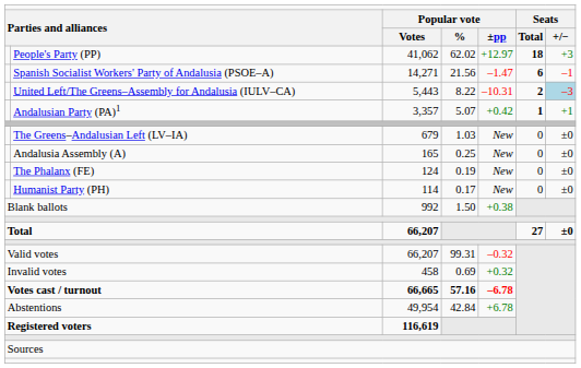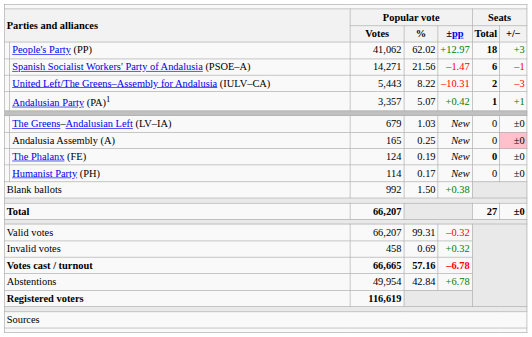 <table class="wikitable" style="text-align:right;">
 <tr>
 <td colspan="7"></td>
 </tr>
 <tr>
 <th style="text-align:left;" rowspan="2" colspan="2" width="525">Parties and alliances</th>
 <th colspan="3">Popular vote</th>
 <th colspan="2">Seats</th>
 </tr>
 <tr>
 <th width="75">Votes</th>
 <th width="45">%</th>
 <th width="45">±<a href='#'>pp</a></th>
 <th width="35">Total</th>
 <th width="35">+/−</th>
 </tr>
 <tr>
 <td width="1" style="color:inherit;background:"></td>
 <td align="left"><a href='#'>People's Party</a> (PP)</td>
 <td>41,062</td>
 <td>62.02</td>
 <td style="color:green;">+12.97</td>
 <td><strong>18</strong></td>
 <td style="color:green;">+3</td>
 </tr>
 <tr>
 <td style="color:inherit;background:"></td>
 <td align="left"><a href='#'>Spanish Socialist Workers' Party of Andalusia</a> (PSOE–A)</td>
 <td>14,271</td>
 <td>21.56</td>
 <td style="color:red;">–1.47</td>
 <td><strong>6</strong></td>
 <td style="color:red;">–1</td>
 </tr>
 <tr>
 <td style="color:inherit;background:"></td>
 <td align="left"><a href='#'>United Left/The Greens–Assembly for Andalusia</a> (IULV–CA)</td>
 <td>5,443</td>
 <td>8.22</td>
 <td style="color:red;">–10.31</td>
 <td><strong>2</strong></td>
-<td style="background: lightblue; color:red;">–3</td>
+<td style="color:red;">–3</td>
 </tr>
 <tr>
 <td style="color:inherit;background:"></td>
 <td align="left"><a href='#'>Andalusian Party</a> (PA)<sup>1</sup></td>
 <td>3,357</td>
 <td>5.07</td>
 <td style="color:green;">+0.42</td>
 <td><strong>1</strong></td>
 <td style="color:green;">+1</td>
 </tr>
 <tr>
 <td colspan="7" bgcolor="#C0C0C0"></td>
 </tr>
 <tr>
 <td style="color:inherit;background:"></td>
 <td align="left"><a href='#'>The Greens</a>–<a href='#'>Andalusian Left</a> (LV–IA)</td>
 <td>679</td>
 <td>1.03</td>
 <td><em>New</em></td>
 <td>0</td>
 <td>±0</td>
 </tr>
 <tr>
 <td style="color:inherit;background:"></td>
 <td align="left">Andalusia Assembly (A)</td>
 <td>165</td>
 <td>0.25</td>
 <td><em>New</em></td>
 <td>0</td>
-<td>±0</td>
+<td style="background: pink;">±0</td>
 </tr>
 <tr>
 <td style="color:inherit;background:"></td>
 <td align="left"><a href='#'>The Phalanx</a> (FE)</td>
 <td>124</td>
 <td>0.19</td>
 <td><em>New</em></td>
-<td>0</td>
+<td><strong>0</strong></td>
 <td>±0</td>
 </tr>
 <tr>
 <td style="color:inherit;background:"></td>
 <td align="left"><a href='#'>Humanist Party</a> (PH)</td>
 <td>114</td>
 <td>0.17</td>
 <td><em>New</em></td>
 <td>0</td>
 <td>±0</td>
 </tr>
 <tr>
 <td align="left" colspan="2">Blank ballots</td>
 <td>992</td>
 <td>1.50</td>
 <td style="color:green;">+0.38</td>
 <td bgcolor="#E9E9E9" colspan="2"></td>
 </tr>
 <tr>
 <td colspan="7" bgcolor="#E9E9E9"></td>
 </tr>
 <tr style="font-weight:bold;">
 <td align="left" colspan="2">Total</td>
 <td>66,207</td>
 <td bgcolor="#E9E9E9" colspan="2"></td>
 <td>27</td>
 <td>±0</td>
 </tr>
 <tr>
 <td colspan="7" bgcolor="#E9E9E9"></td>
 </tr>
 <tr>
 <td align="left" colspan="2">Valid votes</td>
 <td>66,207</td>
 <td>99.31</td>
 <td style="color:red;">–0.32</td>
 <td bgcolor="#E9E9E9" colspan="2" rowspan="5"></td>
 </tr>
 <tr>
 <td align="left" colspan="2">Invalid votes</td>
 <td>458</td>
 <td>0.69</td>
 <td style="color:green;">+0.32</td>
 </tr>
 <tr style="font-weight:bold;">
 <td align="left" colspan="2">Votes cast / turnout</td>
 <td>66,665</td>
 <td>57.16</td>
 <td style="color:red;">–6.78</td>
 </tr>
 <tr>
 <td align="left" colspan="2">Abstentions</td>
 <td>49,954</td>
 <td>42.84</td>
 <td style="color:green;">+6.78</td>
 </tr>
 <tr style="font-weight:bold;">
 <td align="left" colspan="2">Registered voters</td>
 <td>116,619</td>
 <td bgcolor="#E9E9E9" colspan="2"></td>
 </tr>
 <tr>
 <td colspan="7" bgcolor="#E9E9E9"></td>
 </tr>
 <tr>
 <td align="left" colspan="7">Sources</td>
 </tr>
 <tr>
 <td colspan="7" style="text-align:left; max-width:790px;"></td>
 </tr>
 </table>
